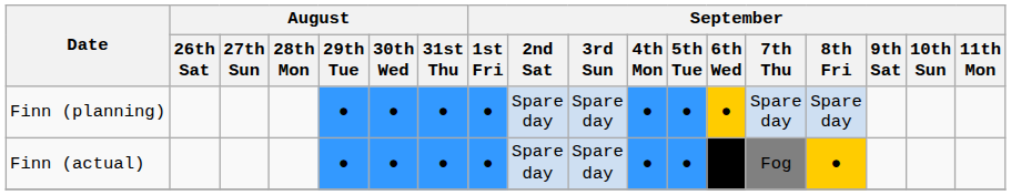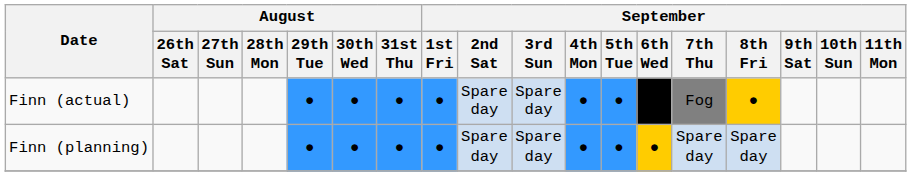 <table class="wikitable" style="margin:0.5em auto; font-size:90%; line-height:1.25em;">
 <tr>
 <th rowspan=2>Date</th>
 <th colspan=6>August</th>
 <th colspan=11>September</th>
 </tr>
 <tr>
 <th>26th<br>Sat</th>
 <th>27th<br>Sun</th>
 <th>28th<br>Mon</th>
 <th>29th<br>Tue</th>
 <th>30th<br>Wed</th>
 <th>31st<br>Thu</th>
 <th>1st<br>Fri</th>
 <th>2nd<br>Sat</th>
 <th>3rd<br>Sun</th>
 <th>4th<br>Mon</th>
 <th>5th<br>Tue</th>
 <th>6th<br>Wed</th>
 <th>7th<br>Thu</th>
 <th>8th<br>Fri</th>
 <th>9th<br>Sat</th>
 <th>10th<br>Sun</th>
 <th>11th<br>Mon</th>
 </tr>
 <tr align="center">
+<td align="left">Finn (actual)</td>
+<td></td>
+<td></td>
+<td></td>
+<td bgcolor=#3399ff><span>●</span></td>
+<td bgcolor=#3399ff><span>●</span></td>
+<td bgcolor=#3399ff><span>●</span></td>
+<td bgcolor=#3399ff><span>●</span></td>
+<td bgcolor=#cedff2>Spare<br>day</td>
+<td bgcolor=#cedff2>Spare<br>day</td>
+<td bgcolor=#3399ff><span>●</span></td>
+<td bgcolor=#3399ff><span>●</span></td>
+<td bgcolor=#000000></td>
+<td bgcolor=gray>Fog</td>
+<td bgcolor=#ffcc00><span>●</span></td>
+<td></td>
+<td></td>
+<td></td>
+</tr>
+<tr align="center">
 <td align="left">Finn (planning)</td>
 <td></td>
 <td></td>
 <td></td>
 <td bgcolor=#3399ff><span>●</span></td>
 <td bgcolor=#3399ff><span>●</span></td>
 <td bgcolor=#3399ff><span>●</span></td>
 <td bgcolor=#3399ff><span>●</span></td>
 <td bgcolor=#cedff2>Spare<br>day</td>
 <td bgcolor=#cedff2>Spare<br>day</td>
 <td bgcolor=#3399ff><span>●</span></td>
 <td bgcolor=#3399ff><span>●</span></td>
 <td bgcolor=#ffcc00><span>●</span></td>
 <td bgcolor=#cedff2>Spare<br>day</td>
 <td bgcolor=#cedff2>Spare<br>day</td>
 <td></td>
 <td></td>
 <td></td>
 </tr>
 <tr align="center">
-<td align="left">Finn (actual)</td>
-<td></td>
-<td></td>
-<td></td>
-<td bgcolor=#3399ff><span>●</span></td>
-<td bgcolor=#3399ff><span>●</span></td>
-<td bgcolor=#3399ff><span>●</span></td>
-<td bgcolor=#3399ff><span>●</span></td>
-<td bgcolor=#cedff2>Spare<br>day</td>
-<td bgcolor=#cedff2>Spare<br>day</td>
-<td bgcolor=#3399ff><span>●</span></td>
-<td bgcolor=#3399ff><span>●</span></td>
-<td bgcolor=#000000></td>
-<td bgcolor=gray>Fog</td>
-<td bgcolor=#ffcc00><span>●</span></td>
-<td></td>
-<td></td>
-<td></td>
-</tr>
-<tr align="center">
 </tr>
 <tr>
 </tr>
 </table>
